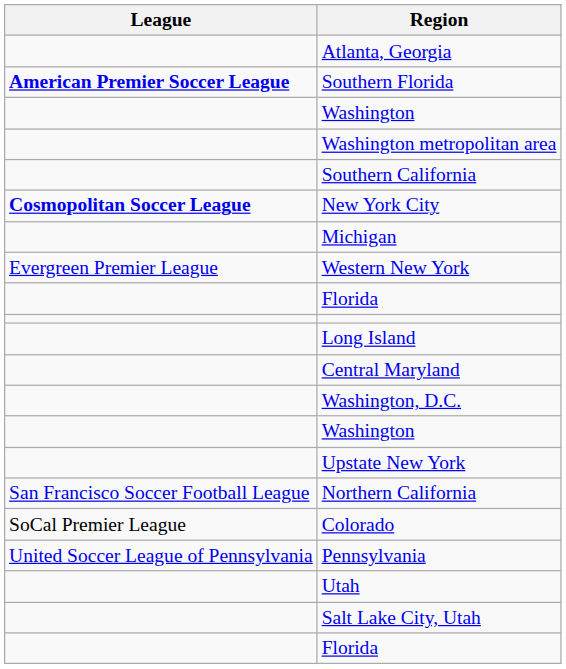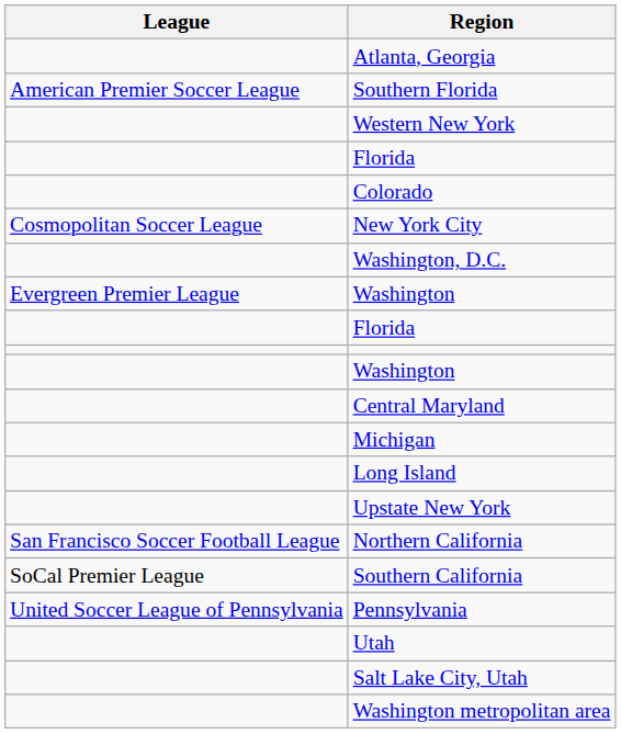 <table class="wikitable" border="1">
 <tr>
 <th>League</th>
 <th>Region</th>
 </tr>
 <tr>
 <td></td>
 <td><a href='#'>Atlanta, Georgia</a></td>
 </tr>
 <tr>
-<td><strong><a href='#'>American Premier Soccer League</a></strong></td>
+<td><a href='#'>American Premier Soccer League</a></td>
 <td><a href='#'>Southern Florida</a></td>
 </tr>
 <tr>
 <td></td>
-<td><a href='#'>Washington</a></td>
+<td><a href='#'>Western New York</a></td>
 </tr>
 <tr>
 <td></td>
-<td><a href='#'>Washington metropolitan area</a></td>
+<td><a href='#'>Florida</a></td>
 </tr>
 <tr>
 <td></td>
-<td><a href='#'>Southern California</a></td>
+<td><a href='#'>Colorado</a></td>
 </tr>
 <tr>
-<td><strong><a href='#'>Cosmopolitan Soccer League</a></strong></td>
+<td><a href='#'>Cosmopolitan Soccer League</a></td>
 <td><a href='#'>New York City</a></td>
 </tr>
 <tr>
 <td></td>
-<td><a href='#'>Michigan</a></td>
+<td><a href='#'>Washington, D.C.</a></td>
 </tr>
 <tr>
 <td><a href='#'>Evergreen Premier League</a></td>
-<td><a href='#'>Western New York</a></td>
+<td><a href='#'>Washington</a></td>
 </tr>
 <tr>
 <td></td>
 <td><a href='#'>Florida</a></td>
 </tr>
 <tr>
 <td></td>
 <td></td>
 </tr>
 <tr>
 <td></td>
-<td><a href='#'>Long Island</a></td>
+<td><a href='#'>Washington</a></td>
 </tr>
 <tr>
 <td></td>
 <td><a href='#'>Central Maryland</a></td>
 </tr>
 <tr>
 <td></td>
-<td><a href='#'>Washington, D.C.</a></td>
+<td><a href='#'>Michigan</a></td>
 </tr>
 <tr>
 <td></td>
-<td><a href='#'>Washington</a></td>
+<td><a href='#'>Long Island</a></td>
 </tr>
 <tr>
 <td></td>
 <td><a href='#'>Upstate New York</a></td>
 </tr>
 <tr>
 <td><a href='#'>San Francisco Soccer Football League</a></td>
 <td><a href='#'>Northern California</a></td>
 </tr>
 <tr>
 <td>SoCal Premier League</td>
-<td><a href='#'>Colorado</a></td>
+<td><a href='#'>Southern California</a></td>
 </tr>
 <tr>
 <td><a href='#'>United Soccer League of Pennsylvania</a></td>
 <td><a href='#'>Pennsylvania</a></td>
 </tr>
 <tr>
 <td></td>
 <td><a href='#'>Utah</a></td>
 </tr>
 <tr>
 <td></td>
 <td><a href='#'>Salt Lake City, Utah</a></td>
 </tr>
 <tr>
 <td></td>
-<td><a href='#'>Florida</a></td>
+<td><a href='#'>Washington metropolitan area</a></td>
 </tr>
 </table>
